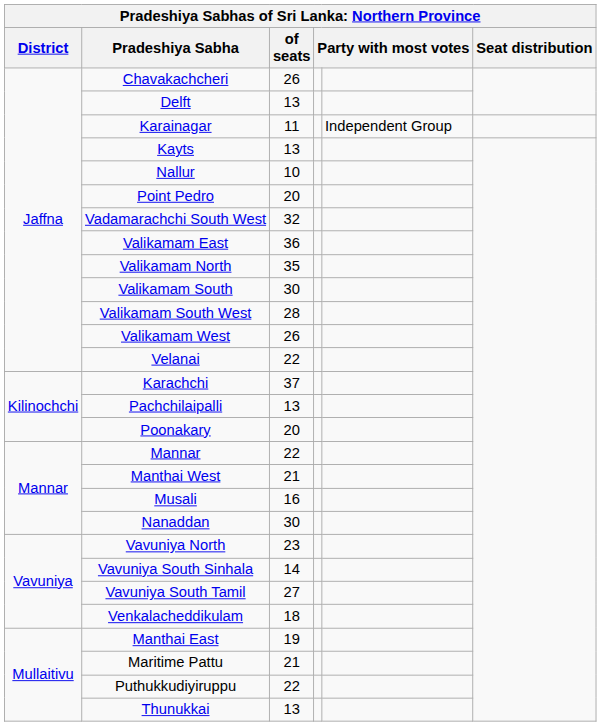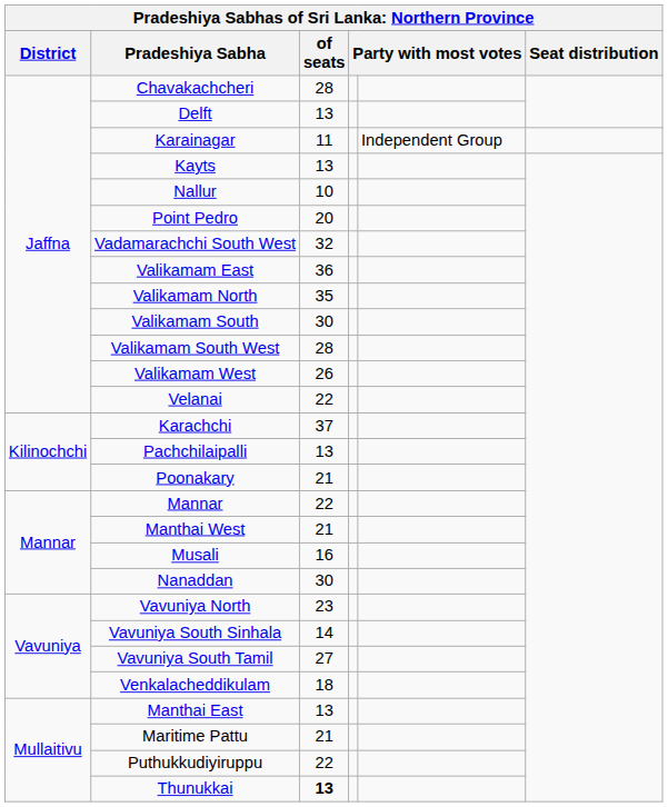 <table class="wikitable sortable sticky-header-multi mw-collapsible mw-collapsed" style="font-size:100%; text-align:center">
 <tr>
 <th colspan=6>Pradeshiya Sabhas of Sri Lanka: <a href='#'>Northern Province</a></th>
 </tr>
 <tr>
 <th><a href='#'>District</a></th>
 <th>Pradeshiya Sabha</th>
 <th> of<br>seats</th>
 <th colspan=2>Party with most votes</th>
 <th class="unsortable">Seat distribution</th>
 </tr>
 <tr>
 <td rowspan=13><a href='#'>Jaffna</a></td>
 <td><a href='#'>Chavakachcheri</a></td>
-<td>26</td>
+<td>28</td>
 <td></td>
 <td></td>
 </tr>
 <tr>
 <td><a href='#'>Delft</a></td>
 <td>13</td>
 <td></td>
 <td></td>
 </tr>
 <tr>
 <td><a href='#'>Karainagar</a></td>
 <td>11</td>
 <td style="background:"></td>
 <td align=left>Independent Group</td>
 <td></td>
 </tr>
 <tr>
 <td><a href='#'>Kayts</a></td>
 <td>13</td>
 <td></td>
 <td></td>
 </tr>
 <tr>
 <td><a href='#'>Nallur</a></td>
 <td>10</td>
 <td></td>
 <td></td>
 </tr>
 <tr>
 <td><a href='#'>Point Pedro</a></td>
 <td>20</td>
 <td></td>
 <td></td>
 </tr>
 <tr>
 <td><a href='#'>Vadamarachchi South West</a></td>
 <td>32</td>
 <td></td>
 <td></td>
 </tr>
 <tr>
 <td><a href='#'>Valikamam East</a></td>
 <td>36</td>
 <td></td>
 <td></td>
 </tr>
 <tr>
 <td><a href='#'>Valikamam North</a></td>
 <td>35</td>
 <td></td>
 <td></td>
 </tr>
 <tr>
 <td><a href='#'>Valikamam South</a></td>
 <td>30</td>
 <td></td>
 <td></td>
 </tr>
 <tr>
 <td><a href='#'>Valikamam South West</a></td>
 <td>28</td>
 <td></td>
 <td></td>
 </tr>
 <tr>
 <td><a href='#'>Valikamam West</a></td>
 <td>26</td>
 <td></td>
 <td></td>
 </tr>
 <tr>
 <td><a href='#'>Velanai</a></td>
 <td>22</td>
 <td></td>
 <td></td>
 </tr>
 <tr>
 <td rowspan=3><a href='#'>Kilinochchi</a></td>
 <td><a href='#'>Karachchi</a></td>
 <td>37</td>
 <td></td>
 <td></td>
 </tr>
 <tr>
 <td><a href='#'>Pachchilaipalli</a></td>
 <td>13</td>
 <td></td>
 <td></td>
 </tr>
 <tr>
 <td><a href='#'>Poonakary</a></td>
-<td>20</td>
+<td>21</td>
 <td></td>
 <td></td>
 </tr>
 <tr>
 <td rowspan=4><a href='#'>Mannar</a></td>
 <td><a href='#'>Mannar</a></td>
 <td>22</td>
 <td></td>
 <td></td>
 </tr>
 <tr>
 <td><a href='#'>Manthai West</a></td>
 <td>21</td>
 <td></td>
 <td></td>
 </tr>
 <tr>
 <td><a href='#'>Musali</a></td>
 <td>16</td>
 <td></td>
 <td></td>
 </tr>
 <tr>
 <td><a href='#'>Nanaddan</a></td>
 <td>30</td>
 <td></td>
 <td></td>
 </tr>
 <tr>
 <td rowspan=4><a href='#'>Vavuniya</a></td>
 <td><a href='#'>Vavuniya North</a></td>
 <td>23</td>
 <td></td>
 <td></td>
 </tr>
 <tr>
 <td><a href='#'>Vavuniya South Sinhala</a></td>
 <td>14</td>
 <td></td>
 <td></td>
 </tr>
 <tr>
 <td><a href='#'>Vavuniya South Tamil</a></td>
 <td>27</td>
 <td></td>
 <td></td>
 </tr>
 <tr>
 <td><a href='#'>Venkalacheddikulam</a></td>
 <td>18</td>
 <td></td>
 <td></td>
 </tr>
 <tr>
 <td rowspan=4><a href='#'>Mullaitivu</a></td>
 <td><a href='#'>Manthai East</a></td>
-<td>19</td>
+<td>13</td>
 <td></td>
 <td></td>
 </tr>
 <tr>
 <td>Maritime Pattu</td>
 <td>21</td>
 <td></td>
 <td></td>
 </tr>
 <tr>
 <td>Puthukkudiyiruppu</td>
 <td>22</td>
 <td></td>
 <td></td>
 </tr>
 <tr>
 <td><a href='#'>Thunukkai</a></td>
-<td>13</td>
+<td><strong>13</strong></td>
 <td></td>
 <td></td>
 </tr>
 </table>
